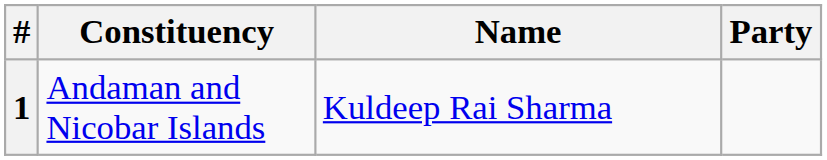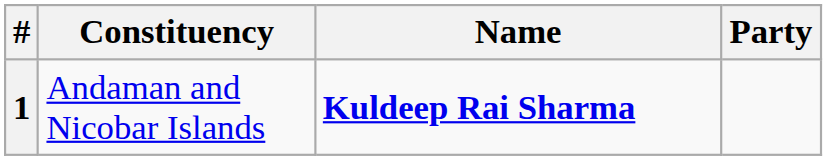 <table class="wikitable sortable">
 <tr>
 <th>#</th>
 <th style="width:120px">Constituency</th>
 <th style="width:180px">Name</th>
 <th colspan=2>Party</th>
 </tr>
 <tr>
 <th>1</th>
 <td><a href='#'>Andaman and Nicobar Islands</a></td>
-<td><a href='#'>Kuldeep Rai Sharma</a></td>
+<td><strong><a href='#'>Kuldeep Rai Sharma</a></strong></td>
 <td></td>
 </tr>
 </table>
